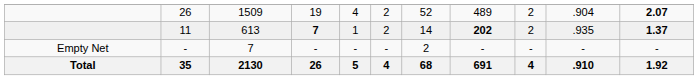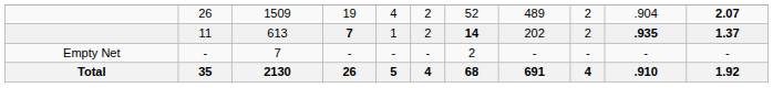 <table class="wikitable sortable" width ="1000">
 <tr align="center">
 </tr>
 <tr align="center" bgcolor="">
 <td></td>
 <td>26</td>
 <td>1509</td>
 <td>19</td>
 <td>4</td>
 <td>2</td>
 <td>52</td>
 <td>489</td>
 <td>2</td>
 <td>.904</td>
 <td><strong>2.07</strong></td>
 </tr>
 <tr align="center" bgcolor="f0f0f0">
 <td></td>
 <td>11</td>
 <td>613</td>
 <td><strong>7</strong></td>
 <td>1</td>
 <td>2</td>
-<td>14</td>
-<td><strong>202</strong></td>
+<td><strong>14</strong></td>
+<td>202</td>
 <td>2</td>
-<td>.935</td>
+<td><strong>.935</strong></td>
 <td><strong>1.37</strong></td>
 </tr>
 <tr align="center" bgcolor="">
 <td>Empty Net</td>
 <td>-</td>
 <td>7</td>
 <td>-</td>
 <td>-</td>
 <td>-</td>
 <td>2</td>
 <td>-</td>
 <td>-</td>
 <td>-</td>
 <td>-</td>
 </tr>
 <tr>
 <th>Total</th>
 <th>35</th>
 <th>2130</th>
 <th>26</th>
 <th>5</th>
 <th>4</th>
 <th>68</th>
 <th>691</th>
 <th>4</th>
 <th>.910</th>
 <th>1.92</th>
 </tr>
 </table>
